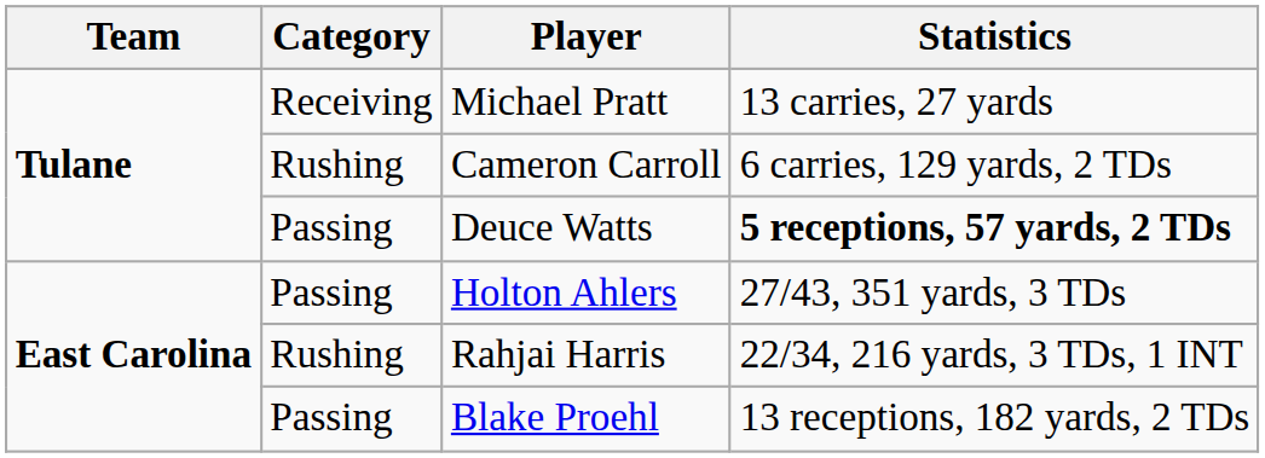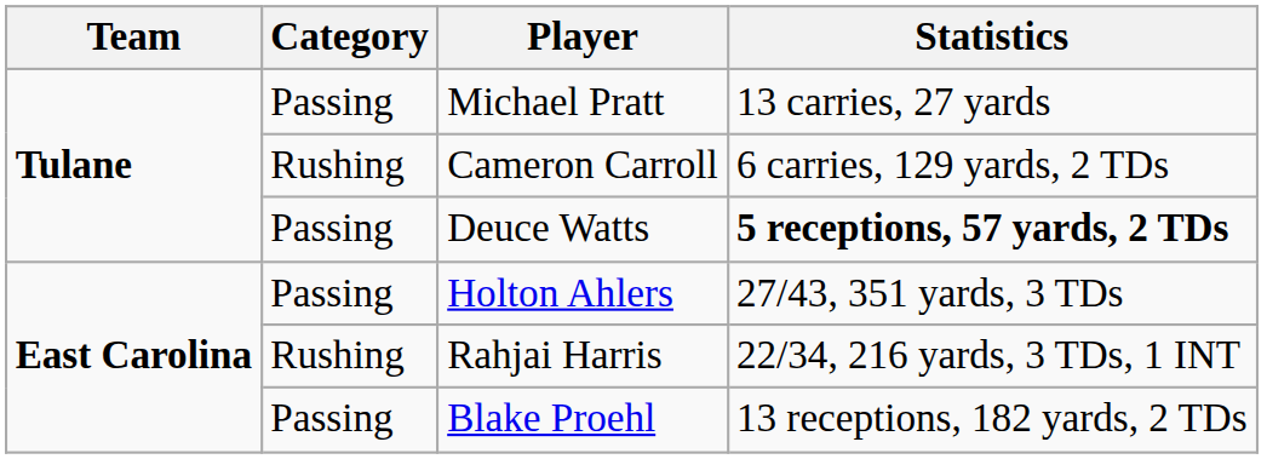 <table class="wikitable" style="float: left;">
 <tr>
 <th>Team</th>
 <th>Category</th>
 <th>Player</th>
 <th>Statistics</th>
 </tr>
 <tr>
 <td rowspan=3><strong>Tulane</strong></td>
-<td>Receiving</td>
+<td>Passing</td>
 <td>Michael Pratt</td>
 <td>13 carries, 27 yards</td>
 </tr>
 <tr>
 <td>Rushing</td>
 <td>Cameron Carroll</td>
 <td>6 carries, 129 yards, 2 TDs</td>
 </tr>
 <tr>
 <td>Passing</td>
 <td>Deuce Watts</td>
 <td><strong>5 receptions, 57 yards, 2 TDs</strong></td>
 </tr>
 <tr>
 <td rowspan=3><strong>East Carolina</strong></td>
 <td>Passing</td>
 <td><a href='#'>Holton Ahlers</a></td>
 <td>27/43, 351 yards, 3 TDs</td>
 </tr>
 <tr>
 <td>Rushing</td>
 <td>Rahjai Harris</td>
 <td>22/34, 216 yards, 3 TDs, 1 INT</td>
 </tr>
 <tr>
 <td>Passing</td>
 <td><a href='#'>Blake Proehl</a></td>
 <td>13 receptions, 182 yards, 2 TDs</td>
 </tr>
 </table>
